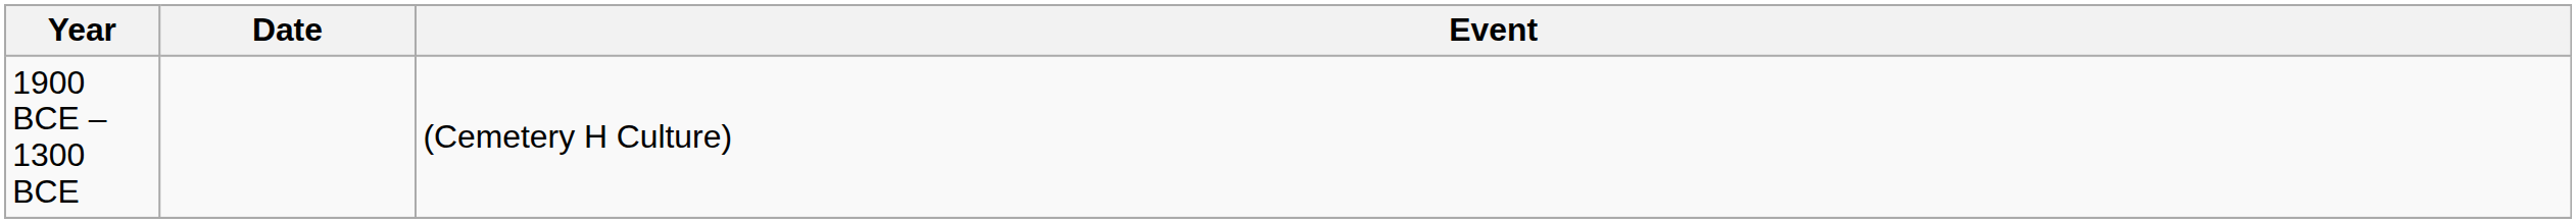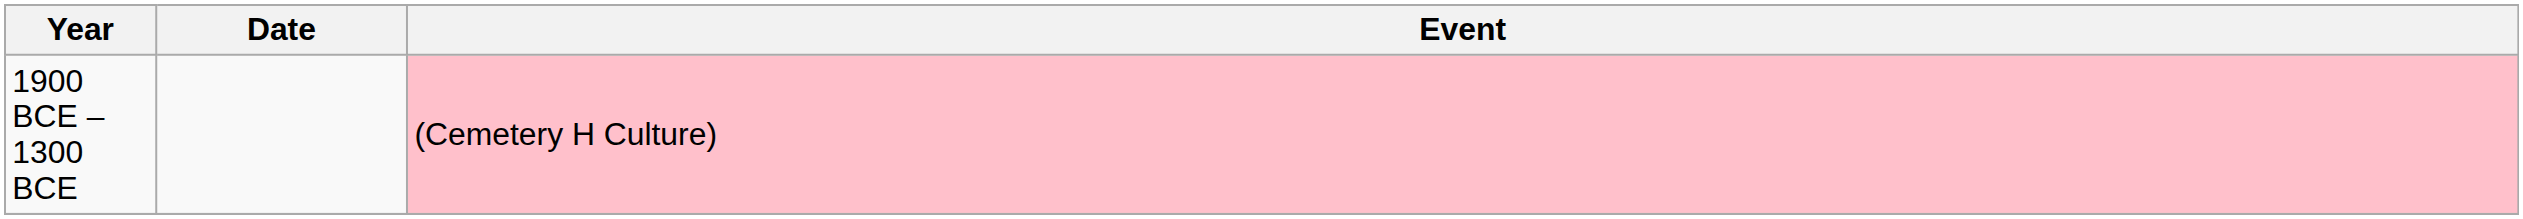 <table class="wikitable" style="width:100%">
 <tr>
 <th style="width:6%">Year</th>
 <th style="width:10%">Date</th>
 <th>Event</th>
 </tr>
 <tr>
 <td>1900 BCE – 1300 BCE</td>
 <td></td>
-<td> (Cemetery H Culture)</td>
+<td style="background: pink;"> (Cemetery H Culture)</td>
 </tr>
 <tr>
 </tr>
 </table>
